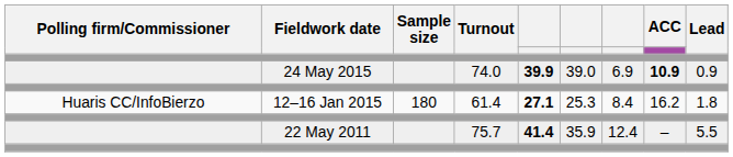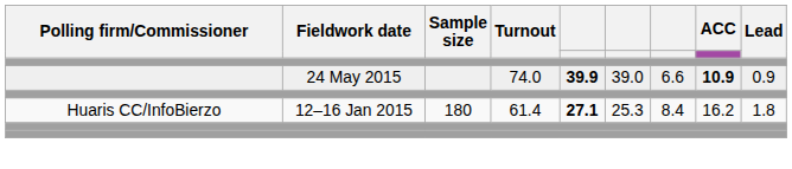 <table class="wikitable collapsible collapsed" style="text-align:center; font-size:95%; line-height:16px;">
 <tr style="height:42px;">
 <th style="width:250px;" rowspan="2">Polling firm/Commissioner</th>
 <th style="width:125px;" rowspan="2">Fieldwork date</th>
 <th style="width:50px;" rowspan="2">Sample size</th>
 <th style="width:45px;" rowspan="2">Turnout</th>
 <th style="width:35px;"></th>
 <th style="width:35px;"></th>
 <th style="width:35px;"></th>
 <th style="width:35px;">ACC</th>
 <th style="width:30px;" rowspan="2">Lead</th>
 </tr>
 <tr>
 <th style="color:inherit;background:"></th>
 <th style="color:inherit;background:"></th>
 <th style="color:inherit;background:"></th>
 <th style="color:inherit;background:#A349A4;"></th>
 </tr>
 <tr>
 <td colspan="9" style="background:#A0A0A0"></td>
 </tr>
 <tr style="background:#EFEFEF;">
 <td><strong></strong></td>
 <td>24 May 2015</td>
 <td></td>
 <td>74.0</td>
 <td><strong>39.9</strong><br></td>
 <td>39.0<br></td>
-<td>6.9<br></td>
+<td>6.6<br></td>
 <td><strong>10.9<br></strong></td>
 <td style="background:">0.9</td>
 </tr>
 <tr>
 <td colspan="9" style="background:#A0A0A0"></td>
 </tr>
 <tr>
 <td>Huaris CC/InfoBierzo</td>
 <td>12–16 Jan 2015</td>
 <td>180</td>
 <td>61.4</td>
 <td><strong>27.1</strong></td>
 <td>25.3</td>
 <td>8.4</td>
 <td>16.2</td>
 <td style="background:">1.8</td>
 </tr>
 <tr>
 <td colspan="9" style="background:#A0A0A0"></td>
 </tr>
-<tr style="background:#EFEFEF;">
-<td><strong></strong></td>
-<td>22 May 2011</td>
-<td></td>
-<td>75.7</td>
-<td><strong>41.4</strong><br></td>
-<td>35.9<br></td>
-<td>12.4<br></td>
-<td>–</td>
-<td style="background:">5.5</td>
-</tr>
 <tr>
 <td colspan="9" style="background:#A0A0A0"></td>
 </tr>
 </table>
